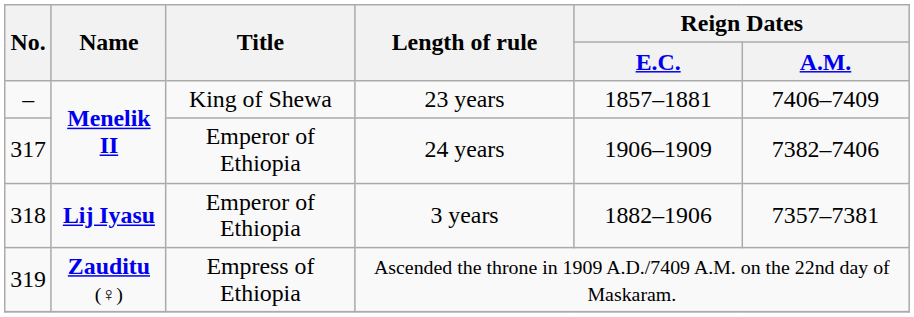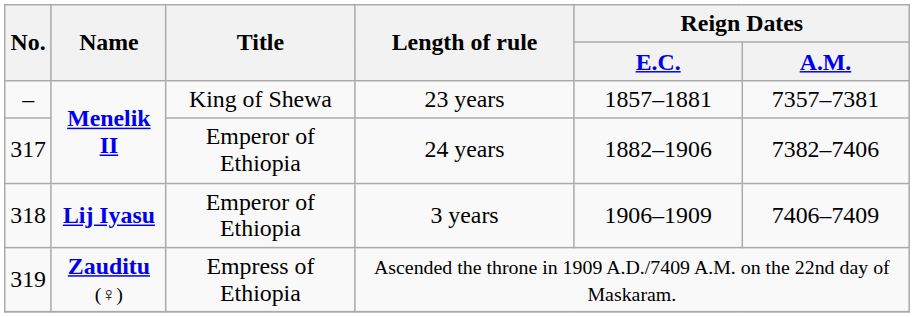 <table class="wikitable" style="text-align:center;">
 <tr>
 <th rowspan="2">No.</th>
 <th rowspan="2">Name<br></th>
 <th rowspan="2">Title<br></th>
 <th rowspan="2">Length of rule<br></th>
 <th colspan="2">Reign Dates</th>
 </tr>
 <tr>
 <th><a href='#'>E.C.</a></th>
 <th><a href='#'>A.M.</a></th>
 </tr>
 <tr>
 <td>–</td>
 <td rowspan="2"><strong><a href='#'>Menelik II</a></strong></td>
 <td>King of Shewa</td>
 <td>23 years</td>
 <td>1857–1881</td>
-<td>7406–7409</td>
+<td>7357–7381</td>
 </tr>
 <tr>
 <td>317</td>
 <td>Emperor of Ethiopia</td>
 <td>24 years</td>
-<td>1906–1909</td>
+<td>1882–1906</td>
 <td>7382–7406</td>
 </tr>
 <tr>
 <td>318</td>
 <td><strong><a href='#'>Lij Iyasu</a></strong></td>
 <td>Emperor of Ethiopia</td>
 <td>3 years</td>
-<td>1882–1906</td>
-<td>7357–7381</td>
+<td>1906–1909</td>
+<td>7406–7409</td>
 </tr>
 <tr>
 <td>319</td>
 <td><strong><a href='#'>Zauditu</a></strong><br><small>(♀)</small></td>
 <td>Empress of Ethiopia</td>
 <td colspan="3"><small>Ascended the throne in 1909 A.D./7409 A.M. on the 22nd day of Maskaram.</small></td>
 </tr>
 <tr>
 </tr>
 </table>
